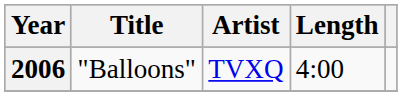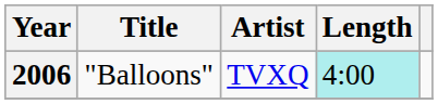 <table class="wikitable sortable plainrowheaders">
 <tr>
 <th>Year</th>
 <th>Title</th>
 <th>Artist</th>
 <th>Length</th>
 <th scope="col" class="unsortable"></th>
 </tr>
 <tr>
 <th scope="row">2006</th>
 <td>"Balloons"</td>
 <td><a href='#'>TVXQ</a></td>
-<td>4:00</td>
+<td style="background: paleturquoise;">4:00</td>
 <td style="text-align:center"></td>
 </tr>
 <tr>
 </tr>
 </table>
